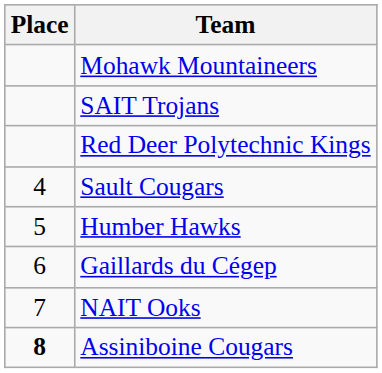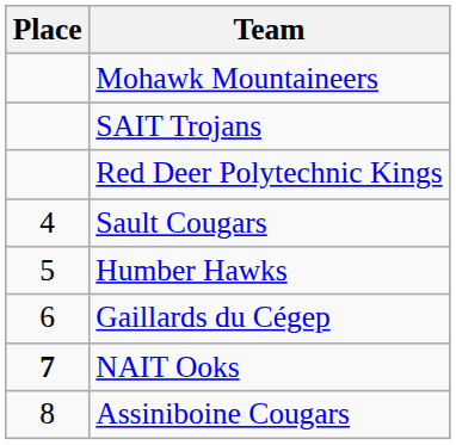 <table class="wikitable">
 <tr>
 <th>Place</th>
 <th>Team</th>
 </tr>
 <tr>
 <td align=center></td>
 <td> <a href='#'>Mohawk Mountaineers</a></td>
 </tr>
 <tr>
 <td align=center></td>
 <td> <a href='#'>SAIT Trojans</a></td>
 </tr>
 <tr>
 <td align=center></td>
 <td> <a href='#'>Red Deer Polytechnic Kings</a></td>
 </tr>
 <tr>
 <td align=center>4</td>
 <td> <a href='#'>Sault Cougars</a></td>
 </tr>
 <tr>
 <td align=center>5</td>
 <td> <a href='#'>Humber Hawks</a></td>
 </tr>
 <tr>
 <td align=center>6</td>
 <td> <a href='#'>Gaillards du Cégep</a></td>
 </tr>
 <tr>
-<td align=center>7</td>
+<td align=center><strong>7</strong></td>
 <td> <a href='#'>NAIT Ooks</a></td>
 </tr>
 <tr>
-<td align=center><strong>8</strong></td>
+<td align=center>8</td>
 <td> <a href='#'>Assiniboine Cougars</a></td>
 </tr>
 </table>
